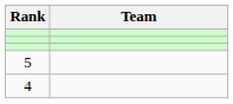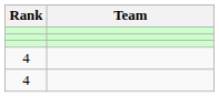 <table class=wikitable style="text-align:center;">
 <tr>
 <th width=40>Rank</th>
 <th width=180>Team</th>
 </tr>
 <tr bgcolor="#ccffcc">
 <td></td>
 <td align=left></td>
 </tr>
 <tr bgcolor="#ccffcc">
 <td></td>
 <td align=left></td>
 </tr>
 <tr bgcolor="#ccffcc">
 <td></td>
 <td align=left></td>
 </tr>
 <tr>
-<td>5</td>
+<td>4</td>
 <td align=left></td>
 </tr>
 <tr>
 <td>4</td>
 <td align=left></td>
 </tr>
 </table>
